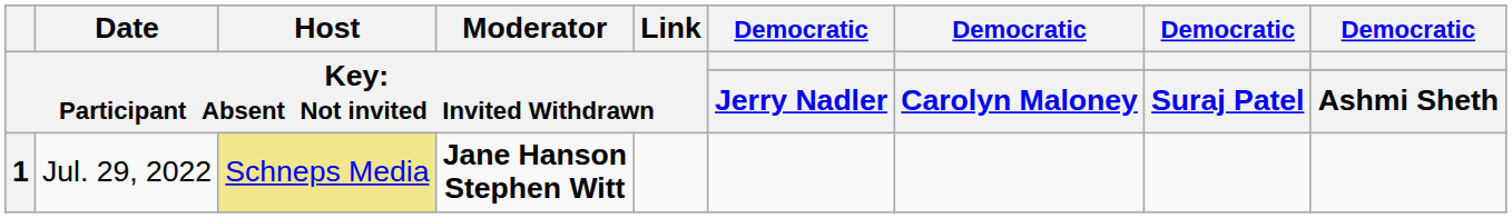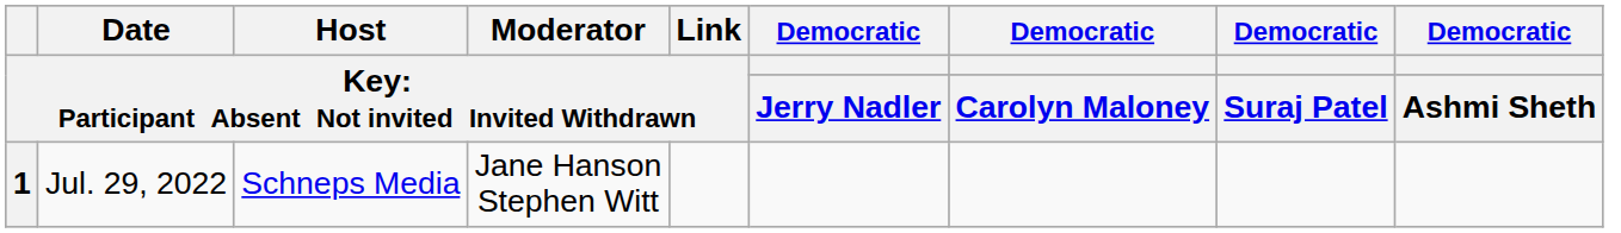 <table class="wikitable" style="text-align:center;">
 <tr>
 <th scope="col"></th>
 <th scope="col">Date</th>
 <th scope="col">Host</th>
 <th scope="col">Moderator</th>
 <th scope="col">Link</th>
 <th scope="col"><small><a href='#'>Democratic</a></small></th>
 <th scope="col"><small><a href='#'>Democratic</a></small></th>
 <th scope="col"><small><a href='#'>Democratic</a></small></th>
 <th scope="col"><small><a href='#'>Democratic</a></small></th>
 </tr>
 <tr>
 <th colspan="5" rowspan="2">Key:<br> <small>Participant </small>  <small>Absent </small>  <small>Not invited </small>  <small>Invited  Withdrawn</small></th>
 <th scope="col" style="background:"></th>
 <th scope="col" style="background:"></th>
 <th scope="col" style="background:"></th>
 <th scope="col" style="background:"></th>
 </tr>
 <tr>
 <th scope="col"><a href='#'>Jerry Nadler</a></th>
 <th scope="col"><a href='#'>Carolyn Maloney</a></th>
 <th scope="col"><a href='#'>Suraj Patel</a></th>
 <th scope="col">Ashmi Sheth</th>
 </tr>
 <tr>
 <th>1</th>
 <td style="white-space:nowrap;">Jul. 29, 2022</td>
-<td style="background: khaki; white-space:nowrap;"><a href='#'>Schneps Media</a></td>
-<td style="white-space:nowrap;"><strong>Jane Hanson<br>Stephen Witt</strong></td>
+<td style="white-space:nowrap;"><a href='#'>Schneps Media</a></td>
+<td style="white-space:nowrap;">Jane Hanson<br>Stephen Witt</td>
 <td style="white-space:nowrap;"></td>
 <td></td>
 <td></td>
 <td></td>
 <td></td>
 </tr>
 </table>
